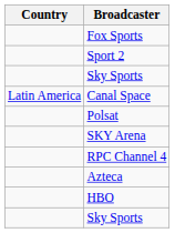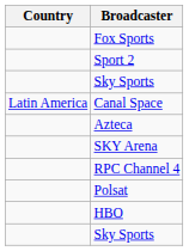 <table class="wikitable">
 <tr>
 <th align=center>Country</th>
 <th align=center>Broadcaster</th>
 </tr>
 <tr>
 <td></td>
 <td><a href='#'>Fox Sports</a></td>
 </tr>
 <tr>
 <td></td>
 <td><a href='#'>Sport 2</a></td>
 </tr>
 <tr>
 <td></td>
 <td><a href='#'>Sky Sports</a></td>
 </tr>
 <tr>
 <td><a href='#'>Latin America</a></td>
 <td><a href='#'>Canal Space</a></td>
 </tr>
 <tr>
 <td></td>
-<td><a href='#'>Polsat</a></td>
+<td><a href='#'>Azteca</a></td>
 </tr>
 <tr>
 <td></td>
 <td><a href='#'>SKY Arena</a></td>
 </tr>
 <tr>
 <td></td>
 <td><a href='#'>RPC Channel 4</a></td>
 </tr>
 <tr>
 <td></td>
-<td><a href='#'>Azteca</a></td>
+<td><a href='#'>Polsat</a></td>
 </tr>
 <tr>
 <td></td>
 <td><a href='#'>HBO</a></td>
 </tr>
 <tr>
 <td></td>
 <td><a href='#'>Sky Sports</a></td>
 </tr>
 </table>
